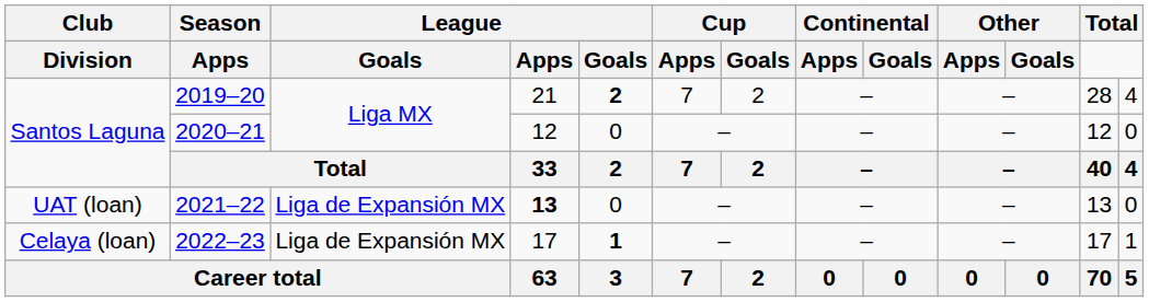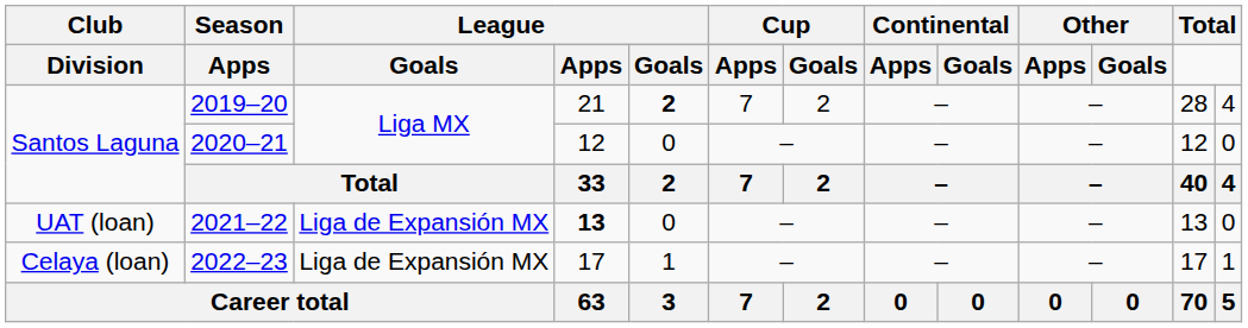 <table class=wikitable style=text-align:center>
 <tr>
 <th rowspan=2>Club</th>
 <th rowspan=2>Season</th>
 <th colspan=3>League</th>
 <th colspan=2>Cup</th>
 <th colspan=2>Continental</th>
 <th colspan=2>Other</th>
 <th colspan=2>Total</th>
 </tr>
 <tr>
 </tr>
 <tr>
 <th>Division</th>
 <th>Apps</th>
 <th>Goals</th>
 <th>Apps</th>
 <th>Goals</th>
 <th>Apps</th>
 <th>Goals</th>
 <th>Apps</th>
 <th>Goals</th>
 <th>Apps</th>
 <th>Goals</th>
 </tr>
 <tr>
 <td rowspan="3"><a href='#'>Santos Laguna</a></td>
 <td><a href='#'>2019–20</a></td>
 <td rowspan="2"><a href='#'>Liga MX</a></td>
 <td>21</td>
 <td><strong>2</strong></td>
 <td>7</td>
 <td>2</td>
 <td colspan="2">–</td>
 <td colspan="2">–</td>
 <td>28</td>
 <td>4</td>
 </tr>
 <tr>
 <td><a href='#'>2020–21</a></td>
 <td>12</td>
 <td>0</td>
 <td colspan="2">–</td>
 <td colspan="2">–</td>
 <td colspan="2">–</td>
 <td>12</td>
 <td>0</td>
 </tr>
 <tr>
 <th colspan="2">Total</th>
 <th>33</th>
 <th>2</th>
 <th>7</th>
 <th>2</th>
 <th colspan="2">–</th>
 <th colspan="2">–</th>
 <th>40</th>
 <th>4</th>
 </tr>
 <tr>
 <td><a href='#'>UAT</a> (loan)</td>
 <td><a href='#'>2021–22</a></td>
 <td><a href='#'>Liga de Expansión MX</a></td>
 <td><strong>13</strong></td>
 <td>0</td>
 <td colspan="2">–</td>
 <td colspan="2">–</td>
 <td colspan="2">–</td>
 <td>13</td>
 <td>0</td>
 </tr>
 <tr>
 <td><a href='#'>Celaya</a> (loan)</td>
 <td><a href='#'>2022–23</a></td>
 <td>Liga de Expansión MX</td>
 <td>17</td>
-<td><strong>1</strong></td>
+<td>1</td>
 <td colspan="2">–</td>
 <td colspan="2">–</td>
 <td colspan="2">–</td>
 <td>17</td>
 <td>1</td>
 </tr>
 <tr>
 <th colspan=3>Career total</th>
 <th>63</th>
 <th>3</th>
 <th>7</th>
 <th>2</th>
 <th>0</th>
 <th>0</th>
 <th>0</th>
 <th>0</th>
 <th>70</th>
 <th>5</th>
 </tr>
 </table>
